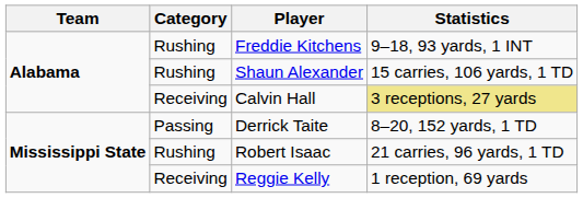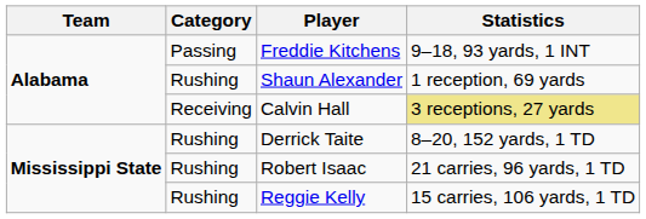 <table class="wikitable" style="float: right;">
 <tr>
 <th>Team</th>
 <th>Category</th>
 <th>Player</th>
 <th>Statistics</th>
 </tr>
 <tr>
 <td rowspan=3><strong>Alabama</strong></td>
-<td>Rushing</td>
+<td>Passing</td>
 <td><a href='#'>Freddie Kitchens</a></td>
 <td>9–18, 93 yards, 1 INT</td>
 </tr>
 <tr>
 <td>Rushing</td>
 <td><a href='#'>Shaun Alexander</a></td>
-<td>15 carries, 106 yards, 1 TD</td>
+<td>1 reception, 69 yards</td>
 </tr>
 <tr>
 <td>Receiving</td>
 <td>Calvin Hall</td>
 <td style="background: khaki;">3 receptions, 27 yards</td>
 </tr>
 <tr>
 <td rowspan=3><strong>Mississippi State</strong></td>
-<td>Passing</td>
+<td>Rushing</td>
 <td>Derrick Taite</td>
 <td>8–20, 152 yards, 1 TD</td>
 </tr>
 <tr>
 <td>Rushing</td>
 <td>Robert Isaac</td>
 <td>21 carries, 96 yards, 1 TD</td>
 </tr>
 <tr>
-<td>Receiving</td>
+<td>Rushing</td>
 <td><a href='#'>Reggie Kelly</a></td>
-<td>1 reception, 69 yards</td>
+<td>15 carries, 106 yards, 1 TD</td>
 </tr>
 </table>
